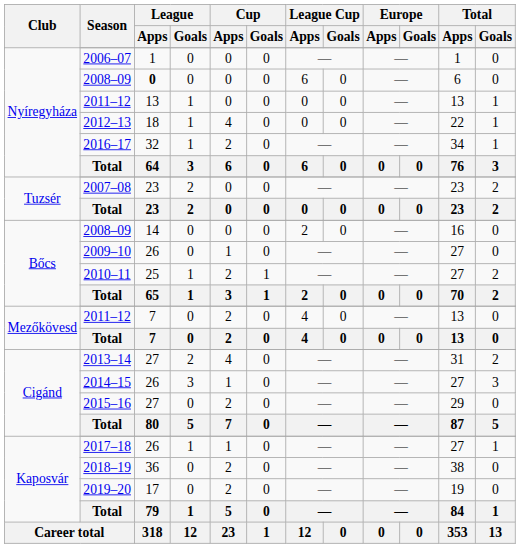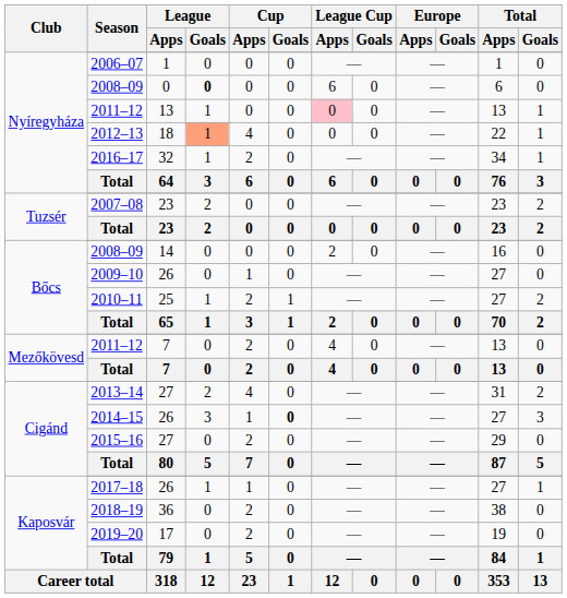 <table class="wikitable" style="text-align: center;">
 <tr>
 <th rowspan="2">Club</th>
 <th rowspan="2">Season</th>
 <th colspan="2">League</th>
 <th colspan="2">Cup</th>
 <th colspan="2">League Cup</th>
 <th colspan="2">Europe</th>
 <th colspan="2">Total</th>
 </tr>
 <tr>
 <th>Apps</th>
 <th>Goals</th>
 <th>Apps</th>
 <th>Goals</th>
 <th>Apps</th>
 <th>Goals</th>
 <th>Apps</th>
 <th>Goals</th>
 <th>Apps</th>
 <th>Goals</th>
 </tr>
 <tr>
 <td rowspan="7"><a href='#'>Nyíregyháza</a></td>
 </tr>
 <tr>
 <td><a href='#'>2006–07</a></td>
 <td>1</td>
 <td>0</td>
 <td>0</td>
 <td>0</td>
 <td colspan="2">—</td>
 <td colspan="2">—</td>
 <td>1</td>
 <td>0</td>
 </tr>
 <tr>
 <td><a href='#'>2008–09</a></td>
+<td>0</td>
 <td><strong>0</strong></td>
-<td>0</td>
 <td>0</td>
 <td>0</td>
 <td>6</td>
 <td>0</td>
 <td colspan="2">—</td>
 <td>6</td>
 <td>0</td>
 </tr>
 <tr>
 <td><a href='#'>2011–12</a></td>
 <td>13</td>
 <td>1</td>
 <td>0</td>
 <td>0</td>
-<td>0</td>
+<td style="background: pink;">0</td>
 <td>0</td>
 <td colspan="2">—</td>
 <td>13</td>
 <td>1</td>
 </tr>
 <tr>
 <td><a href='#'>2012–13</a></td>
 <td>18</td>
-<td>1</td>
+<td style="background: lightsalmon;">1</td>
 <td>4</td>
 <td>0</td>
 <td>0</td>
 <td>0</td>
 <td colspan="2">—</td>
 <td>22</td>
 <td>1</td>
 </tr>
 <tr>
 <td><a href='#'>2016–17</a></td>
 <td>32</td>
 <td>1</td>
 <td>2</td>
 <td>0</td>
 <td colspan="2">—</td>
 <td colspan="2">—</td>
 <td>34</td>
 <td>1</td>
 </tr>
 <tr>
 <th>Total</th>
 <th>64</th>
 <th>3</th>
 <th>6</th>
 <th>0</th>
 <th>6</th>
 <th>0</th>
 <th>0</th>
 <th>0</th>
 <th>76</th>
 <th>3</th>
 </tr>
 <tr>
 <td rowspan="3"><a href='#'>Tuzsér</a></td>
 </tr>
 <tr>
 <td><a href='#'>2007–08</a></td>
 <td>23</td>
 <td>2</td>
 <td>0</td>
 <td>0</td>
 <td colspan="2">—</td>
 <td colspan="2">—</td>
 <td>23</td>
 <td>2</td>
 </tr>
 <tr>
 <th>Total</th>
 <th>23</th>
 <th>2</th>
 <th>0</th>
 <th>0</th>
 <th>0</th>
 <th>0</th>
 <th>0</th>
 <th>0</th>
 <th>23</th>
 <th>2</th>
 </tr>
 <tr>
 <td rowspan="5"><a href='#'>Bőcs</a></td>
 </tr>
 <tr>
 <td><a href='#'>2008–09</a></td>
 <td>14</td>
 <td>0</td>
 <td>0</td>
 <td>0</td>
 <td>2</td>
 <td>0</td>
 <td colspan="2">—</td>
 <td>16</td>
 <td>0</td>
 </tr>
 <tr>
 <td><a href='#'>2009–10</a></td>
 <td>26</td>
 <td>0</td>
 <td>1</td>
 <td>0</td>
 <td colspan="2">—</td>
 <td colspan="2">—</td>
 <td>27</td>
 <td>0</td>
 </tr>
 <tr>
 <td><a href='#'>2010–11</a></td>
 <td>25</td>
 <td>1</td>
 <td>2</td>
 <td>1</td>
 <td colspan="2">—</td>
 <td colspan="2">—</td>
 <td>27</td>
 <td>2</td>
 </tr>
 <tr>
 <th>Total</th>
 <th>65</th>
 <th>1</th>
 <th>3</th>
 <th>1</th>
 <th>2</th>
 <th>0</th>
 <th>0</th>
 <th>0</th>
 <th>70</th>
 <th>2</th>
 </tr>
 <tr>
 <td rowspan="3"><a href='#'>Mezőkövesd</a></td>
 </tr>
 <tr>
 <td><a href='#'>2011–12</a></td>
 <td>7</td>
 <td>0</td>
 <td>2</td>
 <td>0</td>
 <td>4</td>
 <td>0</td>
 <td colspan="2">—</td>
 <td>13</td>
 <td>0</td>
 </tr>
 <tr>
 <th>Total</th>
 <th>7</th>
 <th>0</th>
 <th>2</th>
 <th>0</th>
 <th>4</th>
 <th>0</th>
 <th>0</th>
 <th>0</th>
 <th>13</th>
 <th>0</th>
 </tr>
 <tr>
 <td rowspan="5"><a href='#'>Cigánd</a></td>
 </tr>
 <tr>
 <td><a href='#'>2013–14</a></td>
 <td>27</td>
 <td>2</td>
 <td>4</td>
 <td>0</td>
 <td colspan="2">—</td>
 <td colspan="2">—</td>
 <td>31</td>
 <td>2</td>
 </tr>
 <tr>
 <td><a href='#'>2014–15</a></td>
 <td>26</td>
 <td>3</td>
 <td>1</td>
-<td>0</td>
+<td><strong>0</strong></td>
 <td colspan="2">—</td>
 <td colspan="2">—</td>
 <td>27</td>
 <td>3</td>
 </tr>
 <tr>
 <td><a href='#'>2015–16</a></td>
 <td>27</td>
 <td>0</td>
 <td>2</td>
 <td>0</td>
 <td colspan="2">—</td>
 <td colspan="2">—</td>
 <td>29</td>
 <td>0</td>
 </tr>
 <tr>
 <th>Total</th>
 <th>80</th>
 <th>5</th>
 <th>7</th>
 <th>0</th>
 <th colspan="2">—</th>
 <th colspan="2">—</th>
 <th>87</th>
 <th>5</th>
 </tr>
 <tr>
 <td rowspan="5"><a href='#'>Kaposvár</a></td>
 </tr>
 <tr>
 <td><a href='#'>2017–18</a></td>
 <td>26</td>
 <td>1</td>
 <td>1</td>
 <td>0</td>
 <td colspan="2">—</td>
 <td colspan="2">—</td>
 <td>27</td>
 <td>1</td>
 </tr>
 <tr>
 <td><a href='#'>2018–19</a></td>
 <td>36</td>
 <td>0</td>
 <td>2</td>
 <td>0</td>
 <td colspan="2">—</td>
 <td colspan="2">—</td>
 <td>38</td>
 <td>0</td>
 </tr>
 <tr>
 <td><a href='#'>2019–20</a></td>
 <td>17</td>
 <td>0</td>
 <td>2</td>
 <td>0</td>
 <td colspan="2">—</td>
 <td colspan="2">—</td>
 <td>19</td>
 <td>0</td>
 </tr>
 <tr>
 <th>Total</th>
 <th>79</th>
 <th>1</th>
 <th>5</th>
 <th>0</th>
 <th colspan="2">—</th>
 <th colspan="2">—</th>
 <th>84</th>
 <th>1</th>
 </tr>
 <tr>
 <th colspan="2">Career total</th>
 <th>318</th>
 <th>12</th>
 <th>23</th>
 <th>1</th>
 <th>12</th>
 <th>0</th>
 <th>0</th>
 <th>0</th>
 <th>353</th>
 <th>13</th>
 </tr>
 </table>
